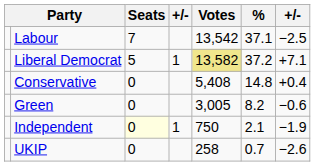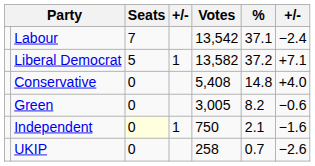 <table class="wikitable">
 <tr>
 <th colspan="2">Party</th>
 <th>Seats</th>
 <th>+/-</th>
 <th>Votes</th>
 <th>%</th>
 <th>+/-</th>
 </tr>
 <tr>
 <td style="background-color: "></td>
 <td><a href='#'>Labour</a></td>
 <td>7</td>
 <td></td>
 <td>13,542</td>
 <td>37.1</td>
-<td><span>−2.5</span></td>
+<td><span>−2.4</span></td>
 </tr>
 <tr>
 <td style="background-color: "></td>
 <td><a href='#'>Liberal Democrat</a></td>
 <td>5</td>
 <td> 1</td>
-<td style="background: khaki;">13,582</td>
+<td>13,582</td>
 <td>37.2</td>
 <td><span>+7.1</span></td>
 </tr>
 <tr>
 <td style="background-color: "></td>
 <td><a href='#'>Conservative</a></td>
 <td>0</td>
 <td></td>
 <td>5,408</td>
 <td>14.8</td>
-<td><span>+0.4</span></td>
+<td><span>+4.0</span></td>
 </tr>
 <tr>
 <td style="background-color: "></td>
 <td><a href='#'>Green</a></td>
 <td>0</td>
 <td></td>
 <td>3,005</td>
 <td>8.2</td>
 <td><span>−0.6</span></td>
 </tr>
 <tr>
 <td style="background-color: "></td>
 <td><a href='#'>Independent</a></td>
 <td style="background: lightyellow;">0</td>
 <td> 1</td>
 <td>750</td>
 <td>2.1</td>
-<td><span>−1.9</span></td>
+<td><span>−1.6</span></td>
 </tr>
 <tr>
 <td style="background-color: "></td>
 <td><a href='#'>UKIP</a></td>
 <td>0</td>
 <td></td>
 <td>258</td>
 <td>0.7</td>
 <td><span>−2.6</span></td>
 </tr>
 </table>
